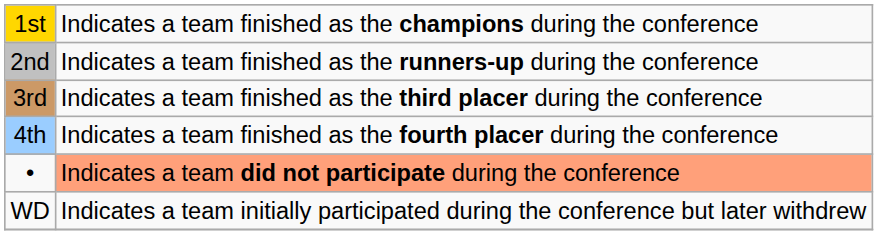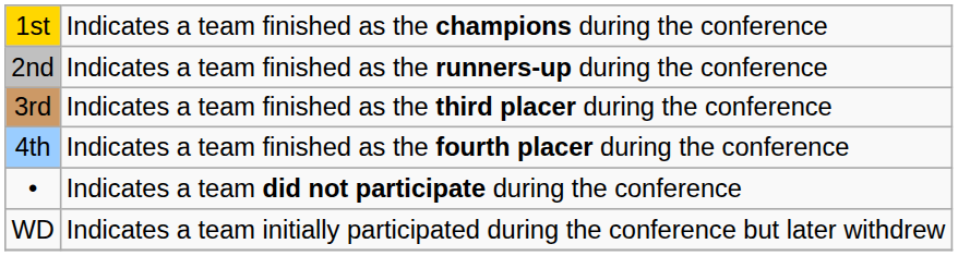 <table class="wikitable" style="font-size:90%;">
 <tr>
 <td align=center style="background-color:gold">1st</td>
 <td>Indicates a team finished as the <strong>champions</strong> during the conference</td>
 </tr>
 <tr>
 <td align=center style="background-color:silver">2nd</td>
 <td>Indicates a team finished as the <strong>runners-up</strong> during the conference</td>
 </tr>
 <tr>
 <td align=center style="background-color:#cc9966">3rd</td>
 <td>Indicates a team finished as the <strong>third placer</strong> during the conference</td>
 </tr>
 <tr>
 <td align=center style="background-color:#9acdff">4th</td>
 <td>Indicates a team finished as the <strong>fourth placer</strong> during the conference</td>
 </tr>
 <tr>
 <td align=center>•</td>
-<td style="background: lightsalmon;">Indicates a team <strong>did not participate</strong> during the conference</td>
+<td>Indicates a team <strong>did not participate</strong> during the conference</td>
 </tr>
 <tr>
 <td align=center>WD</td>
 <td>Indicates a team initially participated during the conference but later withdrew</td>
 </tr>
 <tr>
 </tr>
 </table>
